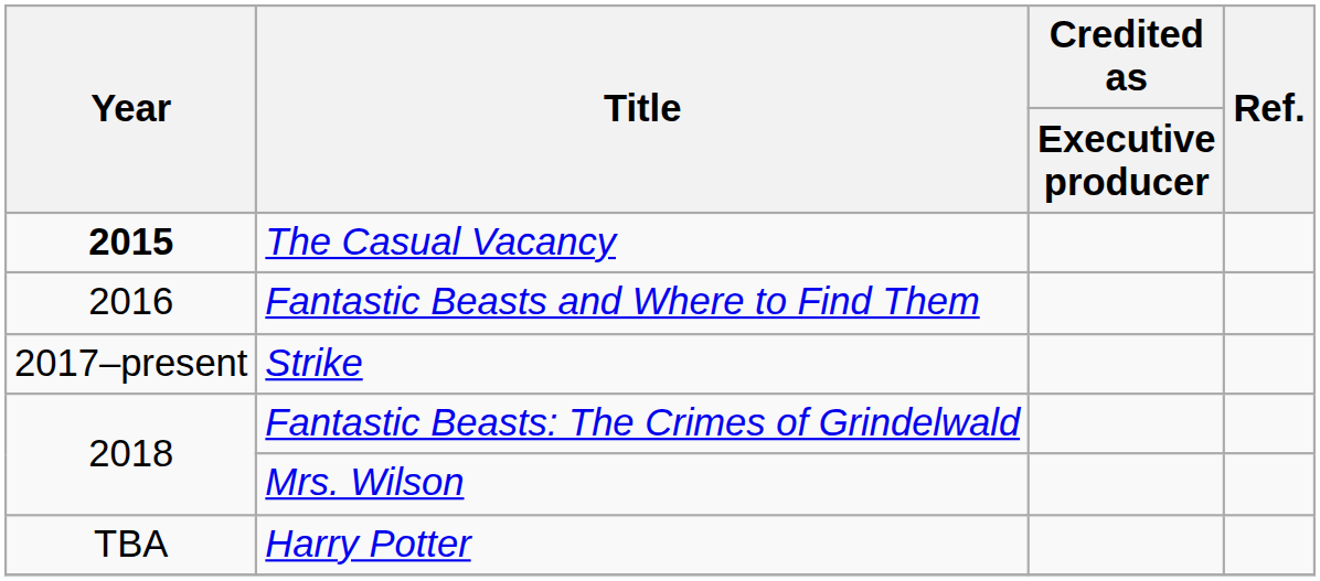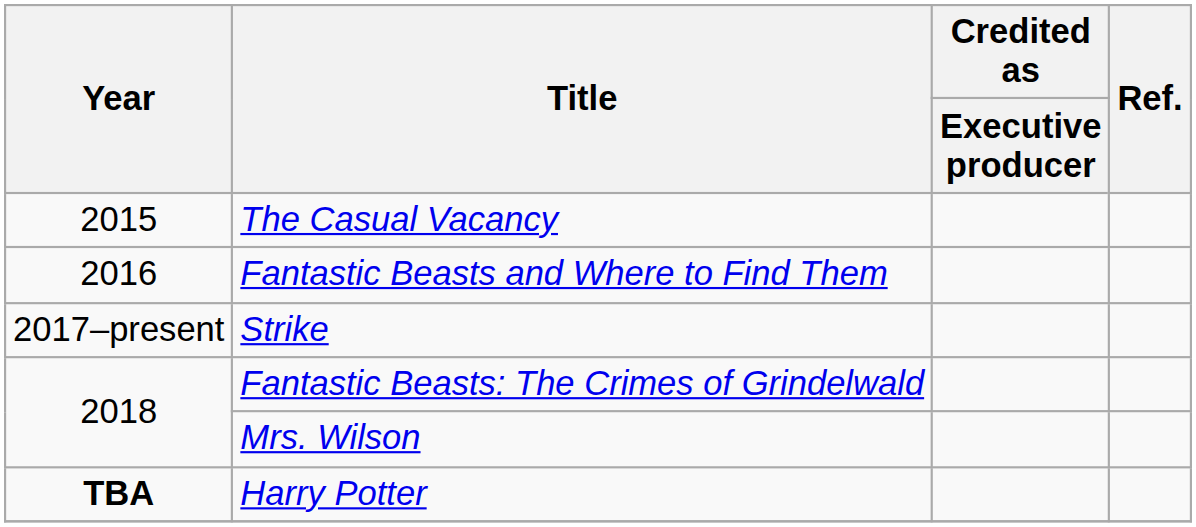 <table class="wikitable sortable" style="text-align:center; margin-right:auto; margin-right:auto">
 <tr>
 <th rowspan="2">Year</th>
 <th rowspan="2">Title</th>
 <th colspan="1">Credited as</th>
 <th rowspan="2">Ref.</th>
 </tr>
 <tr>
 <th width=65>Executive producer</th>
 </tr>
 <tr>
-<td><strong>2015</strong></td>
+<td>2015</td>
 <td align="left"><em><a href='#'>The Casual Vacancy</a></em></td>
 <td></td>
 <td></td>
 </tr>
 <tr>
 <td>2016</td>
 <td align="left"><em><a href='#'>Fantastic Beasts and Where to Find Them</a></em></td>
 <td></td>
 <td></td>
 </tr>
 <tr>
 <td>2017–present</td>
 <td align="left"><em><a href='#'>Strike</a></em></td>
 <td></td>
 <td></td>
 </tr>
 <tr>
 <td rowspan="2">2018</td>
 <td align="left"><em><a href='#'>Fantastic Beasts: The Crimes of Grindelwald</a></em></td>
 <td></td>
 <td></td>
 </tr>
 <tr>
 <td align="left"><em><a href='#'>Mrs. Wilson</a></em></td>
 <td></td>
 <td></td>
 </tr>
 <tr>
-<td>TBA</td>
+<td><strong>TBA</strong></td>
 <td align="left"><em><a href='#'>Harry Potter</a></em></td>
 <td></td>
 <td></td>
 </tr>
 <tr>
 </tr>
 </table>
